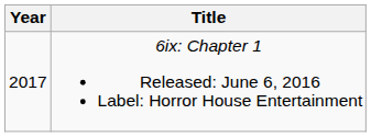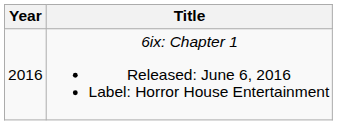 <table class="wikitable" style="text-align:center;">
 <tr>
 <th>Year</th>
 <th>Title</th>
 </tr>
 <tr>
-<td>2017</td>
+<td>2016</td>
 <td><em>6ix: Chapter 1</em><br><ul><li>Released: June 6, 2016</li><li>Label: Horror House Entertainment</li></ul></td>
 </tr>
 </table>
